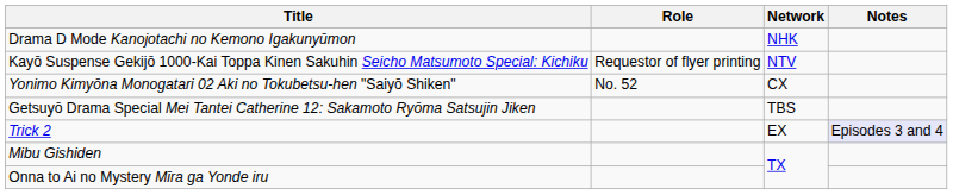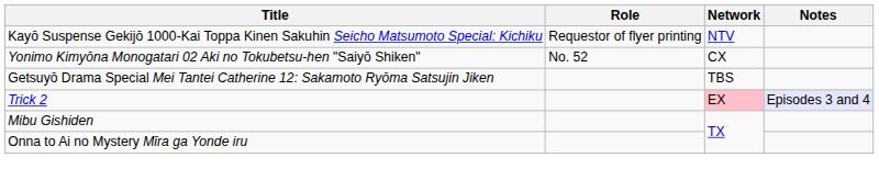 <table class="wikitable">
 <tr>
 <th>Title</th>
 <th>Role</th>
 <th>Network</th>
 <th>Notes</th>
-</tr>
-<tr>
-<td>Drama D Mode <em>Kanojotachi no Kemono Igakunyūmon</em></td>
-<td></td>
-<td><a href='#'>NHK</a></td>
-<td></td>
 </tr>
 <tr>
 <td>Kayō Suspense Gekijō 1000-Kai Toppa Kinen Sakuhin <em><a href='#'>Seicho Matsumoto Special: Kichiku</a></em></td>
 <td>Requestor of flyer printing</td>
 <td><a href='#'>NTV</a></td>
 <td></td>
 </tr>
 <tr>
 <td><em>Yonimo Kimyōna Monogatari 02 Aki no Tokubetsu-hen</em> "Saiyō Shiken"</td>
 <td>No. 52</td>
 <td>CX</td>
 <td></td>
 </tr>
 <tr>
 <td>Getsuyō Drama Special <em>Mei Tantei Catherine 12: Sakamoto Ryōma Satsujin Jiken</em></td>
 <td></td>
 <td>TBS</td>
 <td></td>
 </tr>
 <tr>
 <td><em><a href='#'>Trick 2</a></em></td>
 <td></td>
-<td>EX</td>
+<td style="background: pink;">EX</td>
 <td style="background: lavender;">Episodes 3 and 4</td>
 </tr>
 <tr>
 <td><em>Mibu Gishiden</em></td>
 <td></td>
 <td rowspan="2'"><a href='#'>TX</a></td>
 <td></td>
 </tr>
 <tr>
 <td>Onna to Ai no Mystery <em>Mīra ga Yonde iru</em></td>
 <td></td>
 <td></td>
 </tr>
 </table>
